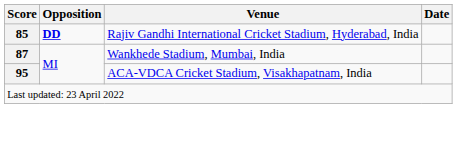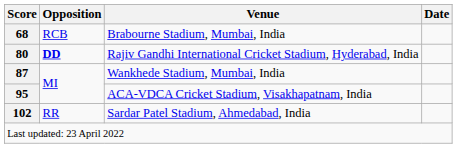 <table class="wikitable">
 <tr>
 <th style="text-align=center;"><strong>Score</strong></th>
 <th style="text-align=center;"><strong>Opposition</strong></th>
 <th style="text-align=center;"><strong>Venue</strong></th>
 <th style="text-align=center;"><strong>Date</strong></th>
 </tr>
 <tr>
-<th>85</th>
+<th>68</th>
+<td><a href='#'>RCB</a></td>
+<td><a href='#'>Brabourne Stadium</a>, <a href='#'>Mumbai</a>, India</td>
+<td></td>
+</tr>
+<tr>
+<th>80</th>
 <td><strong><a href='#'>DD</a></strong></td>
 <td><a href='#'>Rajiv Gandhi International Cricket Stadium</a>, <a href='#'>Hyderabad</a>, India</td>
 <td></td>
 </tr>
 <tr>
 <th>87</th>
 <td rowspan=2><a href='#'>MI</a></td>
 <td><a href='#'>Wankhede Stadium</a>, <a href='#'>Mumbai</a>, India</td>
 <td></td>
 </tr>
 <tr>
 <th>95</th>
 <td><a href='#'>ACA-VDCA Cricket Stadium</a>, <a href='#'>Visakhapatnam</a>, India</td>
 <td></td>
 </tr>
+<tr>
+<th>102</th>
+<td><a href='#'>RR</a></td>
+<td><a href='#'>Sardar Patel Stadium</a>, <a href='#'>Ahmedabad</a>, India</td>
+<td></td>
+</tr>
 <tr class=sortbottom>
 <td colspan="4"><small>Last updated: 23 April 2022</small></td>
 </tr>
 </table>
